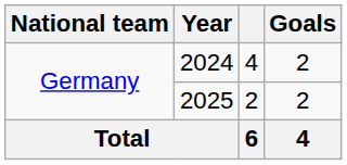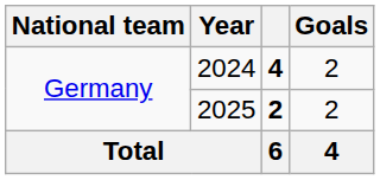 <table class="wikitable" style="text-align: center">
 <tr>
 <th>National team</th>
 <th>Year</th>
 <th></th>
 <th>Goals</th>
 </tr>
 <tr>
 <td rowspan="2"><a href='#'>Germany</a></td>
 <td>2024</td>
-<td>4</td>
+<td><strong>4</strong></td>
 <td>2</td>
 </tr>
 <tr>
 <td>2025</td>
-<td>2</td>
+<td><strong>2</strong></td>
 <td>2</td>
 </tr>
 <tr>
 <th colspan="2">Total</th>
 <th>6</th>
 <th>4</th>
 </tr>
 </table>
